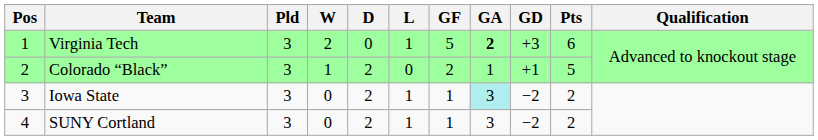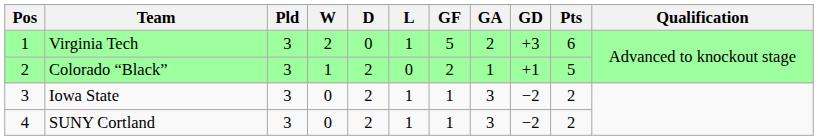 <table class="wikitable" style="text-align:center; margin: 1em auto">
 <tr>
 <th style="width:2em">Pos</th>
 <th style="width:13em">Team</th>
 <th style="width:2em">Pld</th>
 <th style="width:2em">W</th>
 <th style="width:2em">D</th>
 <th style="width:2em">L</th>
 <th style="width:2em">GF</th>
 <th style="width:2em">GA</th>
 <th style="width:2em">GD</th>
 <th style="width:2em">Pts</th>
 <th style="width:13em">Qualification</th>
 </tr>
 <tr bgcolor="#9eff9e">
 <td>1</td>
 <td style="text-align:left">Virginia Tech</td>
 <td>3</td>
 <td>2</td>
 <td>0</td>
 <td>1</td>
 <td>5</td>
-<td><strong>2</strong></td>
+<td>2</td>
 <td>+3</td>
 <td>6</td>
 <td rowspan="2">Advanced to knockout stage</td>
 </tr>
 <tr bgcolor="#9eff9e">
 <td>2</td>
 <td style="text-align:left">Colorado “Black”</td>
 <td>3</td>
 <td>1</td>
 <td>2</td>
 <td>0</td>
 <td>2</td>
 <td>1</td>
 <td>+1</td>
 <td>5</td>
 </tr>
 <tr>
 <td>3</td>
 <td style="text-align:left">Iowa State</td>
 <td>3</td>
 <td>0</td>
 <td>2</td>
 <td>1</td>
 <td>1</td>
-<td style="background: paleturquoise;">3</td>
+<td>3</td>
 <td>−2</td>
 <td>2</td>
 </tr>
 <tr>
 <td>4</td>
 <td style="text-align:left">SUNY Cortland</td>
 <td>3</td>
 <td>0</td>
 <td>2</td>
 <td>1</td>
 <td>1</td>
 <td>3</td>
 <td>−2</td>
 <td>2</td>
 </tr>
 </table>
